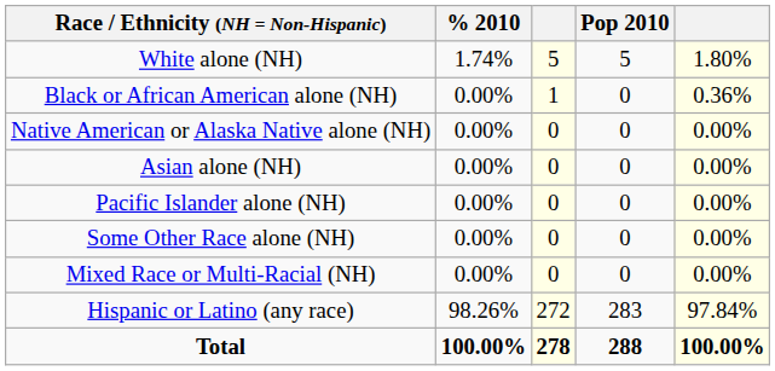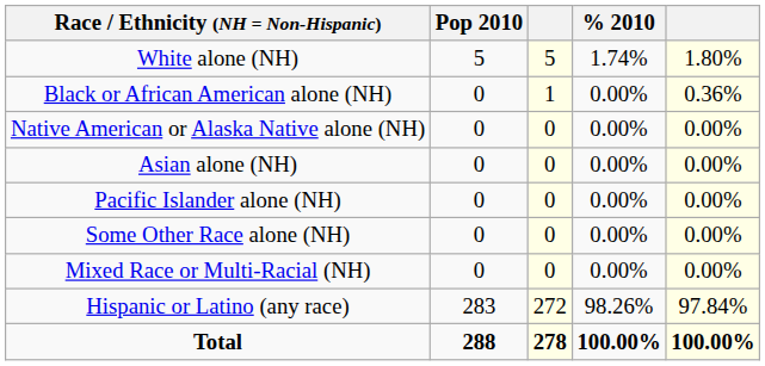 <table class="wikitable" style="text-align:center;">
 <tr>
 <th>Race / Ethnicity <small>(<em>NH = Non-Hispanic</em>)</small></th>
+<th>Pop 2010</th>
+<th></th>
 <th>% 2010</th>
-<th></th>
-<th>Pop 2010</th>
 <th></th>
 </tr>
 <tr>
 <td><a href='#'>White</a> alone (NH)</td>
+<td>5</td>
+<td style='background: #ffffe6;'>5</td>
 <td>1.74%</td>
-<td style='background: #ffffe6;'>5</td>
-<td>5</td>
 <td style='background: #ffffe6;'>1.80%</td>
 </tr>
 <tr>
 <td><a href='#'>Black or African American</a> alone (NH)</td>
+<td>0</td>
+<td style='background: #ffffe6;'>1</td>
 <td>0.00%</td>
-<td style='background: #ffffe6;'>1</td>
-<td>0</td>
 <td style='background: #ffffe6;'>0.36%</td>
 </tr>
 <tr>
 <td><a href='#'>Native American</a> or <a href='#'>Alaska Native</a> alone (NH)</td>
+<td>0</td>
+<td style='background: #ffffe6;'>0</td>
 <td>0.00%</td>
-<td style='background: #ffffe6;'>0</td>
-<td>0</td>
 <td style='background: #ffffe6;'>0.00%</td>
 </tr>
 <tr>
 <td><a href='#'>Asian</a> alone (NH)</td>
+<td>0</td>
+<td style='background: #ffffe6;'>0</td>
 <td>0.00%</td>
-<td style='background: #ffffe6;'>0</td>
-<td>0</td>
 <td style='background: #ffffe6;'>0.00%</td>
 </tr>
 <tr>
 <td><a href='#'>Pacific Islander</a> alone (NH)</td>
+<td>0</td>
+<td style='background: #ffffe6;'>0</td>
 <td>0.00%</td>
-<td style='background: #ffffe6;'>0</td>
-<td>0</td>
 <td style='background: #ffffe6;'>0.00%</td>
 </tr>
 <tr>
 <td><a href='#'>Some Other Race</a> alone (NH)</td>
+<td>0</td>
+<td style='background: #ffffe6;'>0</td>
 <td>0.00%</td>
-<td style='background: #ffffe6;'>0</td>
-<td>0</td>
 <td style='background: #ffffe6;'>0.00%</td>
 </tr>
 <tr>
 <td><a href='#'>Mixed Race or Multi-Racial</a> (NH)</td>
+<td>0</td>
+<td style='background: #ffffe6;'>0</td>
 <td>0.00%</td>
-<td style='background: #ffffe6;'>0</td>
-<td>0</td>
 <td style='background: #ffffe6;'>0.00%</td>
 </tr>
 <tr>
 <td><a href='#'>Hispanic or Latino</a> (any race)</td>
+<td>283</td>
+<td style='background: #ffffe6;'>272</td>
 <td>98.26%</td>
-<td style='background: #ffffe6;'>272</td>
-<td>283</td>
 <td style='background: #ffffe6;'>97.84%</td>
 </tr>
 <tr>
 <td><strong>Total</strong></td>
+<td><strong>288</strong></td>
+<td style='background: #ffffe6;'><strong>278</strong></td>
 <td><strong>100.00%</strong></td>
-<td style='background: #ffffe6;'><strong>278</strong></td>
-<td><strong>288</strong></td>
 <td style='background: #ffffe6;'><strong>100.00%</strong></td>
 </tr>
 </table>
